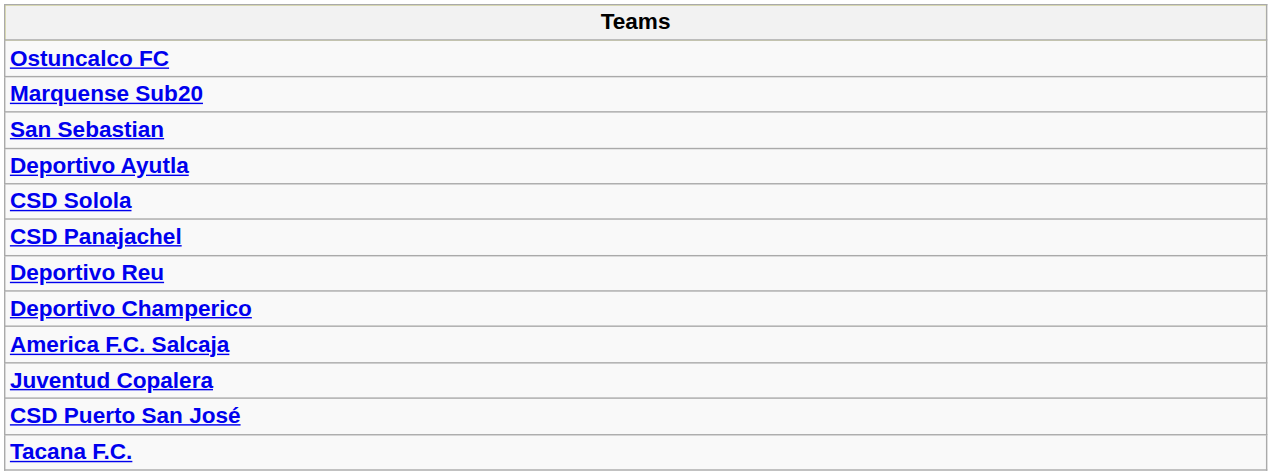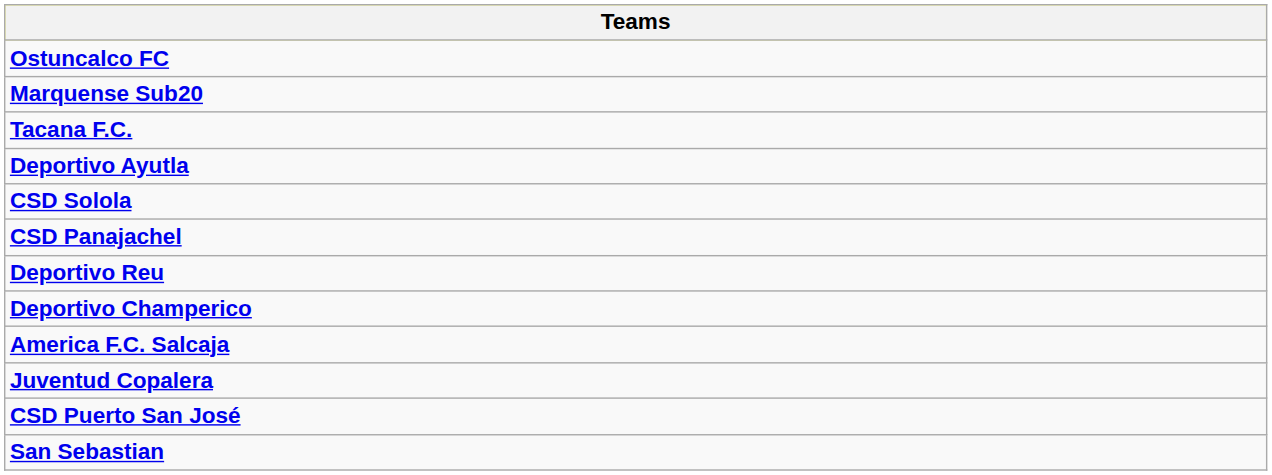 <table class="wikitable">
 <tr bgcolor=yellow align="center">
 <th width= 20%>Teams</th>
 </tr>
 <tr>
 <td><strong><a href='#'>Ostuncalco FC</a></strong></td>
 </tr>
 <tr>
 <td><strong><a href='#'>Marquense Sub20</a></strong></td>
 </tr>
 <tr>
-<td><strong><a href='#'>San Sebastian</a></strong></td>
+<td><strong><a href='#'>Tacana F.C.</a></strong></td>
 </tr>
 <tr>
 <td><strong><a href='#'>Deportivo Ayutla</a></strong></td>
 </tr>
 <tr>
 <td><strong><a href='#'>CSD Solola</a></strong></td>
 </tr>
 <tr>
 <td><strong><a href='#'>CSD Panajachel</a></strong></td>
 </tr>
 <tr>
 <td><strong><a href='#'>Deportivo Reu</a></strong></td>
 </tr>
 <tr>
 <td><strong><a href='#'>Deportivo Champerico</a></strong></td>
 </tr>
 <tr>
 <td><strong><a href='#'>America F.C. Salcaja</a></strong></td>
 </tr>
 <tr>
 <td><strong><a href='#'>Juventud Copalera</a></strong></td>
 </tr>
 <tr>
 <td><strong><a href='#'>CSD Puerto San José</a></strong></td>
 </tr>
 <tr>
-<td><strong><a href='#'>Tacana F.C.</a></strong></td>
+<td><strong><a href='#'>San Sebastian</a></strong></td>
 </tr>
 </table>
